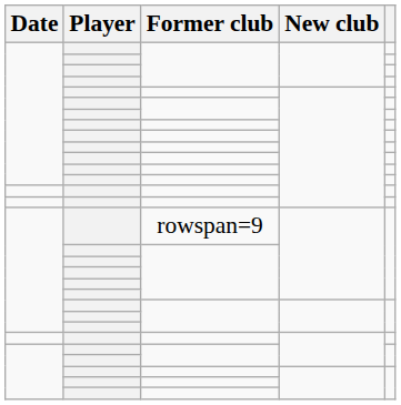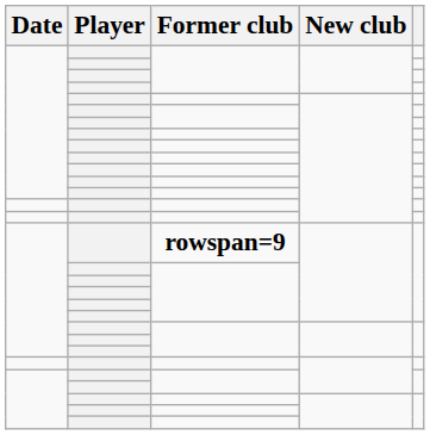 <table class="wikitable sortable plainrowheaders" style="text-align:center;">
 <tr>
 <th scope="col">Date</th>
 <th scope="col">Player</th>
 <th scope="col">Former club</th>
 <th scope="col">New club</th>
 <th class="unsortable"></th>
 </tr>
 <tr>
 <td rowspan=13></td>
 <th scope="row"></th>
 <td rowspan=4></td>
 <td rowspan=4></td>
 <td></td>
 </tr>
 <tr>
 <th scope="row"></th>
 <td></td>
 </tr>
 <tr>
 <th scope="row"></th>
 <td></td>
 </tr>
 <tr>
 <th scope="row"></th>
 <td></td>
 </tr>
 <tr>
 <th scope="row"></th>
 <td></td>
 <td rowspan=11></td>
 <td></td>
 </tr>
 <tr>
 <th scope="row"></th>
 <td rowspan=2></td>
 <td></td>
 </tr>
 <tr>
 <th scope="row"></th>
 <td></td>
 </tr>
 <tr>
 <th scope="row"></th>
 <td></td>
 <td></td>
 </tr>
 <tr>
 <th scope="row"></th>
 <td></td>
 <td></td>
 </tr>
 <tr>
 <th scope="row"></th>
 <td></td>
 <td></td>
 </tr>
 <tr>
 <th scope="row"></th>
 <td></td>
 <td></td>
 </tr>
 <tr>
 <th scope="row"></th>
 <td></td>
 <td></td>
 </tr>
 <tr>
 <th scope="row"></th>
 <td></td>
 <td></td>
 </tr>
 <tr>
 <td></td>
 <th scope="row"></th>
 <td></td>
 <td></td>
 </tr>
 <tr>
 <td></td>
 <th scope="row"></th>
 <td></td>
 <td></td>
 </tr>
 <tr>
 <td rowspan=9></td>
 <th scope="row"></th>
-<td>rowspan=9 </td>
+<td><strong>rowspan=9 </strong></td>
 <td rowspan=6></td>
 <td rowspan=6></td>
 </tr>
 <tr>
 <th scope="row"></th>
 </tr>
 <tr>
 <th scope="row"></th>
 </tr>
 <tr>
 <th scope="row"></th>
 </tr>
 <tr>
 <th scope="row"></th>
 </tr>
 <tr>
 <th scope="row"></th>
 </tr>
 <tr>
 <th scope="row"></th>
 <td rowspan=3></td>
 <td rowspan=3></td>
 </tr>
 <tr>
 <th scope="row"></th>
 </tr>
 <tr>
 <th scope="row"></th>
 </tr>
 <tr>
 <td></td>
 <th scope="row"></th>
 <td></td>
 <td rowspan=3></td>
 <td></td>
 </tr>
 <tr>
 <td rowspan=5></td>
 <th scope="row"></th>
 <td rowspan=2></td>
 <td rowspan=2></td>
 </tr>
 <tr>
 <th scope="row"></th>
 </tr>
 <tr>
 <th scope="row"></th>
 <td></td>
 <td rowspan=3></td>
 <td rowspan=3></td>
 </tr>
 <tr>
 <th scope="row"></th>
 <td></td>
 </tr>
 <tr>
 <th scope="row"></th>
 <td></td>
 </tr>
 </table>
